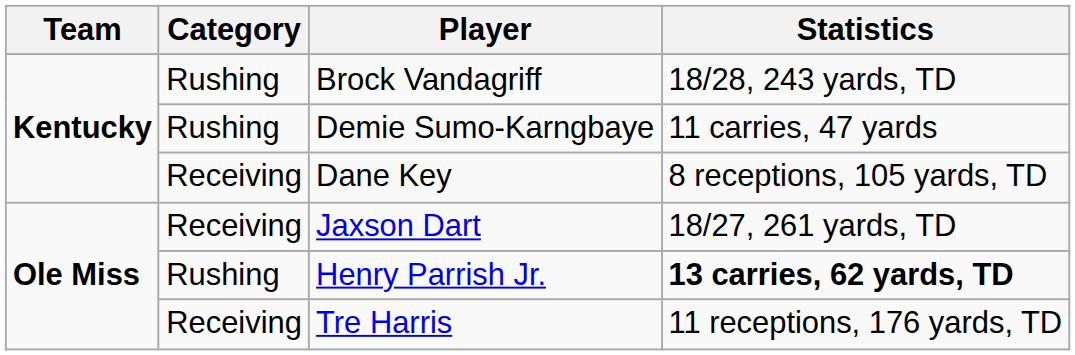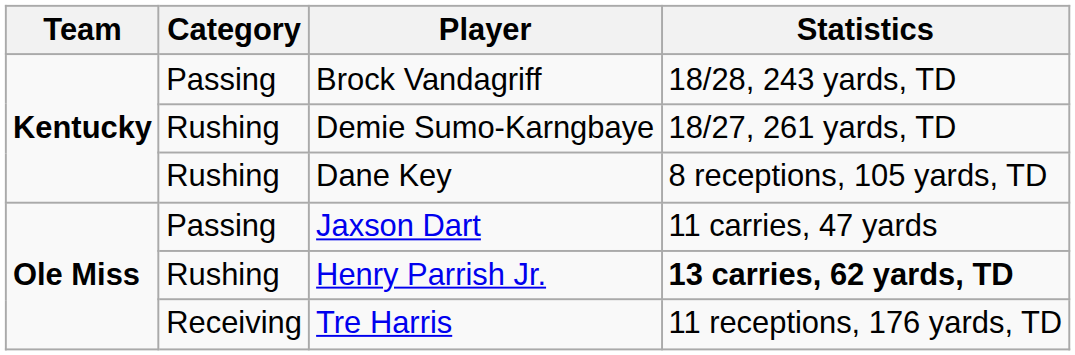 <table class="wikitable" style="float: right;">
 <tr>
 <th>Team</th>
 <th>Category</th>
 <th>Player</th>
 <th>Statistics</th>
 </tr>
 <tr>
 <td rowspan=3><strong>Kentucky</strong></td>
-<td>Rushing</td>
+<td>Passing</td>
 <td>Brock Vandagriff</td>
 <td>18/28, 243 yards, TD</td>
 </tr>
 <tr>
 <td>Rushing</td>
 <td>Demie Sumo-Karngbaye</td>
-<td>11 carries, 47 yards</td>
+<td>18/27, 261 yards, TD</td>
 </tr>
 <tr>
-<td>Receiving</td>
+<td>Rushing</td>
 <td>Dane Key</td>
 <td>8 receptions, 105 yards, TD</td>
 </tr>
 <tr>
 <td rowspan=3><strong>Ole Miss</strong></td>
-<td>Receiving</td>
+<td>Passing</td>
 <td><a href='#'>Jaxson Dart</a></td>
-<td>18/27, 261 yards, TD</td>
+<td>11 carries, 47 yards</td>
 </tr>
 <tr>
 <td>Rushing</td>
 <td><a href='#'>Henry Parrish Jr.</a></td>
 <td><strong>13 carries, 62 yards, TD</strong></td>
 </tr>
 <tr>
 <td>Receiving</td>
 <td><a href='#'>Tre Harris</a></td>
 <td>11 receptions, 176 yards, TD</td>
 </tr>
 </table>
